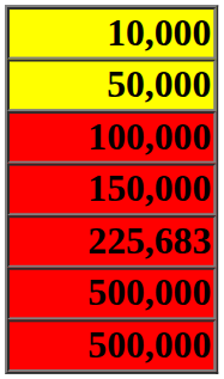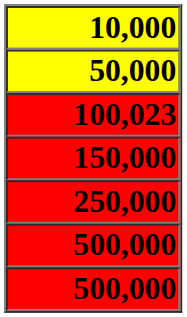 <table border=1 cellspacing=0 cellpadding =1 width=90px style="text-align:right">
 <tr>
 <td bgcolor="yellow"><strong>10,000</strong></td>
 </tr>
 <tr>
 <td bgcolor="yellow"><strong>50,000</strong></td>
 </tr>
 <tr>
-<td bgcolor="red"><span><strong>100,000</strong></span></td>
+<td bgcolor="red"><span><strong>100,023</strong></span></td>
 </tr>
 <tr>
 <td bgcolor="red"><span><strong>150,000</strong></span></td>
 </tr>
 <tr>
-<td bgcolor="red"><span><strong>225,683</strong></span></td>
+<td bgcolor="red"><span><strong>250,000</strong></span></td>
 </tr>
 <tr>
 <td bgcolor="red"><span><strong>500,000</strong></span></td>
 </tr>
 <tr>
 <td bgcolor="red"><span><strong>500,000</strong></span></td>
 </tr>
 </table>
